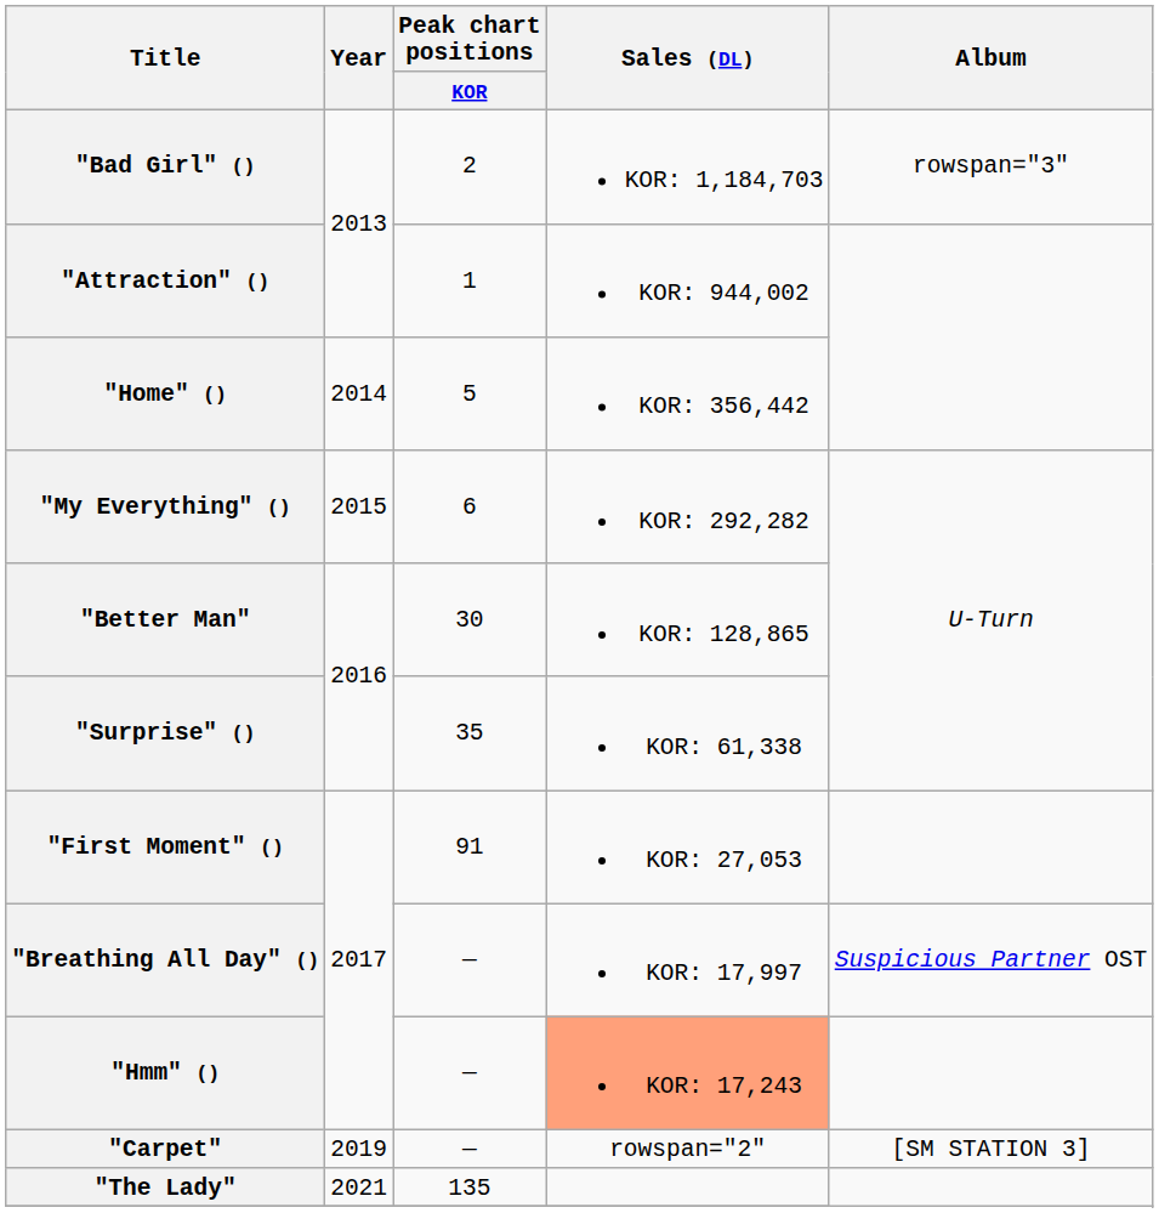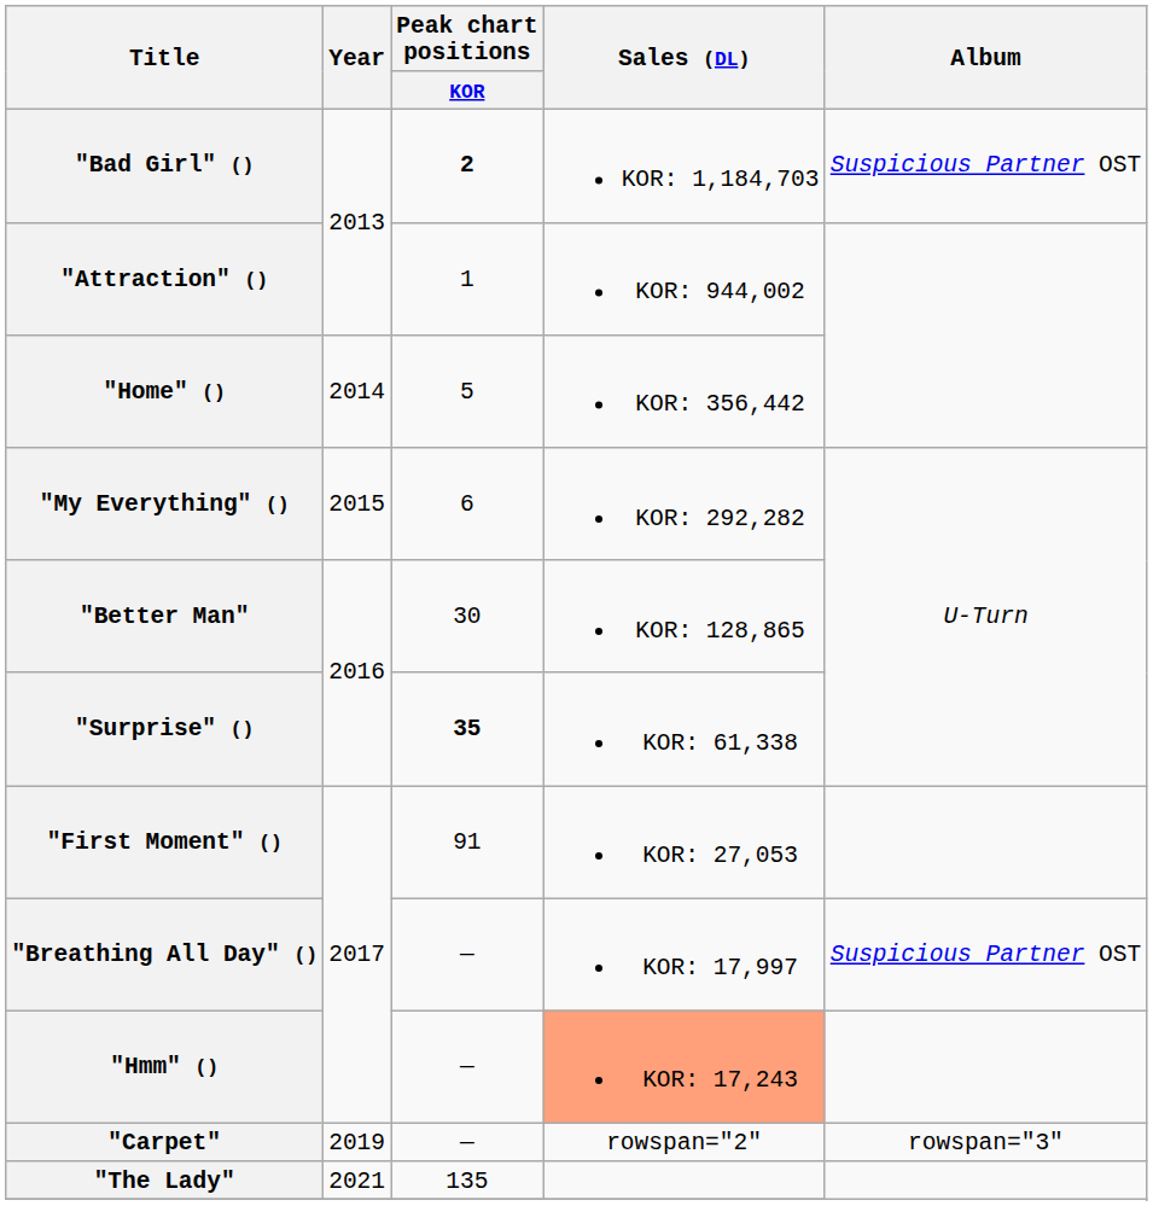 <table class="wikitable plainrowheaders" style="text-align:center;">
 <tr>
 <th scope="col" rowspan="2">Title</th>
 <th scope="col" rowspan="2">Year</th>
 <th scope="col" colspan="1">Peak chart <br> positions</th>
 <th scope="col" rowspan="2">Sales <small>(<a href='#'>DL</a>)</small></th>
 <th scope="col" rowspan="2">Album</th>
 </tr>
 <tr>
 <th><small><a href='#'>KOR</a></small><br></th>
 </tr>
 <tr>
 <th scope="row">"Bad Girl" <small>()</small><br></th>
 <td rowspan="2">2013</td>
-<td>2</td>
+<td><strong>2</strong></td>
 <td><br><ul><li>KOR: 1,184,703</li></ul></td>
-<td>rowspan="3" </td>
+<td><em><a href='#'>Suspicious Partner</a></em> OST</td>
 </tr>
 <tr>
 <th scope="row">"Attraction" <small>()</small><br></th>
 <td>1</td>
 <td><br><ul><li>KOR: 944,002</li></ul></td>
 </tr>
 <tr>
 <th scope="row">"Home" <small>()</small></th>
 <td>2014</td>
 <td>5</td>
 <td><br><ul><li>KOR: 356,442</li></ul></td>
 </tr>
 <tr>
 <th scope="row">"My Everything" <small>()</small></th>
 <td>2015</td>
 <td>6</td>
 <td><br><ul><li>KOR:  292,282</li></ul></td>
 <td rowspan="3"><em>U-Turn</em></td>
 </tr>
 <tr>
 <th scope="row">"Better Man"<br></th>
 <td rowspan="2">2016</td>
 <td>30</td>
 <td><br><ul><li>KOR:  128,865</li></ul></td>
 </tr>
 <tr>
 <th scope="row">"Surprise" <small>()</small><br></th>
-<td>35</td>
+<td><strong>35</strong></td>
 <td><br><ul><li>KOR:  61,338</li></ul></td>
 </tr>
 <tr>
 <th scope="row">"First Moment" <small>()</small></th>
 <td rowspan="3">2017</td>
 <td>91</td>
 <td><br><ul><li>KOR:  27,053</li></ul></td>
 <td></td>
 </tr>
 <tr>
 <th scope="row">"Breathing All Day" <small>()</small></th>
 <td>—</td>
 <td><br><ul><li>KOR:  17,997</li></ul></td>
 <td><em><a href='#'>Suspicious Partner</a></em> OST</td>
 </tr>
 <tr>
 <th scope="row">"Hmm" <small>()</small><br></th>
 <td>—</td>
 <td style="background: lightsalmon;"><br><ul><li>KOR:  17,243</li></ul></td>
 <td></td>
 </tr>
 <tr>
 <th scope="row">"Carpet" <br></th>
 <td>2019</td>
 <td>—</td>
 <td>rowspan="2" </td>
-<td>[SM STATION 3]</td>
+<td>rowspan="3" </td>
 </tr>
 <tr>
 <th scope="row">"The Lady"<br></th>
 <td>2021</td>
 <td>135</td>
 <td></td>
 </tr>
 <tr>
 </tr>
 </table>
